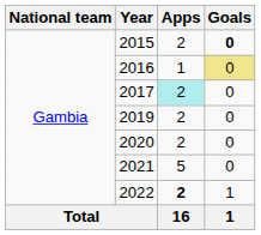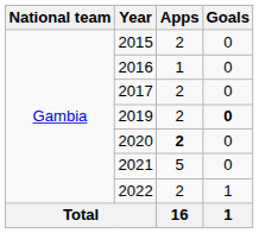 <table class="wikitable" style="text-align:center">
 <tr>
 <th>National team</th>
 <th>Year</th>
 <th>Apps</th>
 <th>Goals</th>
 </tr>
 <tr>
 <td rowspan="7"><a href='#'>Gambia</a></td>
 <td>2015</td>
 <td>2</td>
-<td><strong>0</strong></td>
+<td>0</td>
 </tr>
 <tr>
 <td>2016</td>
 <td>1</td>
-<td style="background: khaki;">0</td>
+<td>0</td>
 </tr>
 <tr>
 <td>2017</td>
-<td style="background: paleturquoise;">2</td>
+<td>2</td>
 <td>0</td>
 </tr>
 <tr>
 <td>2019</td>
 <td>2</td>
-<td>0</td>
+<td><strong>0</strong></td>
 </tr>
 <tr>
 <td>2020</td>
-<td>2</td>
+<td><strong>2</strong></td>
 <td>0</td>
 </tr>
 <tr>
 <td>2021</td>
 <td>5</td>
 <td>0</td>
 </tr>
 <tr>
 <td>2022</td>
-<td><strong>2</strong></td>
+<td>2</td>
 <td>1</td>
 </tr>
 <tr>
 <th colspan="2">Total</th>
 <th>16</th>
 <th>1</th>
 </tr>
 </table>
